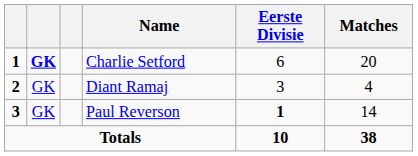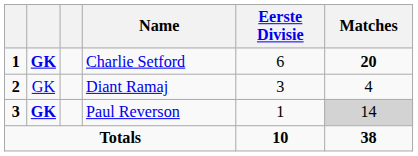 <table class="wikitable" style="text-align:center">
 <tr>
 <th width=15></th>
 <th width=15></th>
 <th width=15></th>
 <th width=145>Name</th>
 <th width=80><a href='#'>Eerste Divisie</a></th>
 <th width=80>Matches</th>
 </tr>
 <tr>
 <td rowspan=1><strong>1</strong></td>
 <td><strong><a href='#'>GK</a></strong></td>
 <td></td>
 <td align=left><a href='#'>Charlie Setford</a></td>
 <td>6</td>
-<td>20</td>
+<td><strong>20</strong></td>
 </tr>
 <tr>
 <td rowspan=1><strong>2</strong></td>
 <td><a href='#'>GK</a></td>
 <td></td>
 <td align=left><a href='#'>Diant Ramaj</a></td>
 <td>3</td>
 <td>4</td>
 </tr>
 <tr>
 <td rowspan=1><strong>3</strong></td>
-<td><a href='#'>GK</a></td>
+<td><strong><a href='#'>GK</a></strong></td>
 <td></td>
 <td align=left><a href='#'>Paul Reverson</a></td>
-<td><strong>1</strong></td>
-<td>14</td>
+<td>1</td>
+<td style="background: lightgrey;">14</td>
 </tr>
 <tr>
 <td colspan=4><strong>Totals</strong></td>
 <td><strong>10</strong></td>
 <td><strong>38</strong></td>
 </tr>
 </table>
